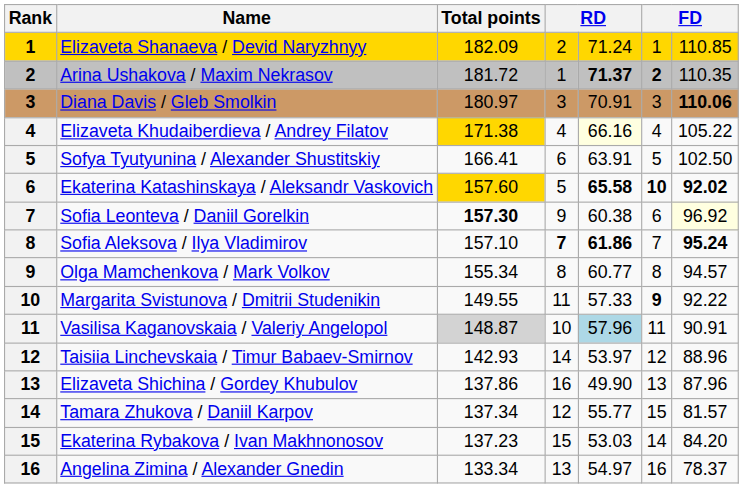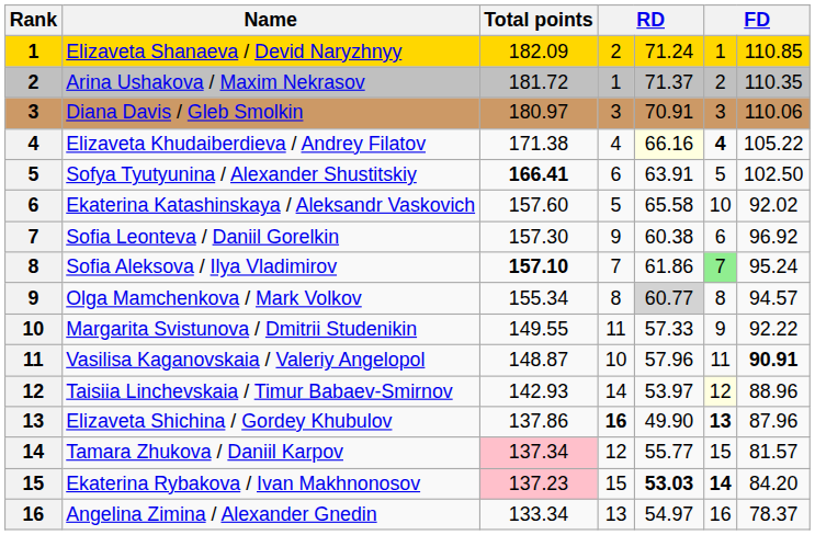 <table class="wikitable sortable">
 <tr>
 <th>Rank</th>
 <th>Name</th>
 <th>Total points</th>
 <th colspan="2" width="80px"><a href='#'>RD</a></th>
 <th colspan="2" width="80px"><a href='#'>FD</a></th>
 </tr>
 <tr bgcolor="gold">
 <td align="center"><strong>1</strong></td>
 <td><a href='#'>Elizaveta Shanaeva</a> / <a href='#'>Devid Naryzhnyy</a></td>
 <td align="center">182.09</td>
 <td align="center">2</td>
 <td align="center">71.24</td>
 <td align="center">1</td>
 <td align="center">110.85</td>
 </tr>
 <tr bgcolor="silver">
 <td align="center"><strong>2</strong></td>
 <td><a href='#'>Arina Ushakova</a> / <a href='#'>Maxim Nekrasov</a></td>
 <td align="center">181.72</td>
 <td align="center">1</td>
-<td align="center"><strong>71.37</strong></td>
-<td align="center"><strong>2</strong></td>
+<td align="center">71.37</td>
+<td align="center">2</td>
 <td align="center">110.35</td>
 </tr>
 <tr bgcolor="cc9966">
 <td align="center"><strong>3</strong></td>
 <td><a href='#'>Diana Davis</a> / <a href='#'>Gleb Smolkin</a></td>
 <td align="center">180.97</td>
 <td align="center">3</td>
 <td align="center">70.91</td>
 <td align="center">3</td>
-<td align="center"><strong>110.06</strong></td>
+<td align="center">110.06</td>
 </tr>
 <tr>
 <th>4</th>
 <td><a href='#'>Elizaveta Khudaiberdieva</a> / <a href='#'>Andrey Filatov</a></td>
-<td align="center" style="background: gold;">171.38</td>
+<td align="center">171.38</td>
 <td align="center">4</td>
 <td align="center" style="background: lightyellow;">66.16</td>
-<td align="center">4</td>
+<td align="center"><strong>4</strong></td>
 <td align="center">105.22</td>
 </tr>
 <tr>
 <th>5</th>
 <td><a href='#'>Sofya Tyutyunina</a> / <a href='#'>Alexander Shustitskiy</a></td>
-<td align="center">166.41</td>
+<td align="center"><strong>166.41</strong></td>
 <td align="center">6</td>
 <td align="center">63.91</td>
 <td align="center">5</td>
 <td align="center">102.50</td>
 </tr>
 <tr>
 <th>6</th>
 <td><a href='#'>Ekaterina Katashinskaya</a> / <a href='#'>Aleksandr Vaskovich</a></td>
-<td align="center" style="background: gold;">157.60</td>
+<td align="center">157.60</td>
 <td align="center">5</td>
-<td align="center"><strong>65.58</strong></td>
-<td align="center"><strong>10</strong></td>
-<td align="center"><strong>92.02</strong></td>
+<td align="center">65.58</td>
+<td align="center">10</td>
+<td align="center">92.02</td>
 </tr>
 <tr>
 <th>7</th>
 <td><a href='#'>Sofia Leonteva</a> / <a href='#'>Daniil Gorelkin</a></td>
-<td align="center"><strong>157.30</strong></td>
+<td align="center">157.30</td>
 <td align="center">9</td>
 <td align="center">60.38</td>
 <td align="center">6</td>
-<td align="center" style="background: lightyellow;">96.92</td>
+<td align="center">96.92</td>
 </tr>
 <tr>
 <th>8</th>
 <td><a href='#'>Sofia Aleksova</a> / <a href='#'>Ilya Vladimirov</a></td>
-<td align="center">157.10</td>
-<td align="center"><strong>7</strong></td>
-<td align="center"><strong>61.86</strong></td>
+<td align="center"><strong>157.10</strong></td>
 <td align="center">7</td>
-<td align="center"><strong>95.24</strong></td>
+<td align="center">61.86</td>
+<td align="center" style="background: lightgreen;">7</td>
+<td align="center">95.24</td>
 </tr>
 <tr>
 <th>9</th>
 <td><a href='#'>Olga Mamchenkova</a> / <a href='#'>Mark Volkov</a></td>
 <td align="center">155.34</td>
 <td align="center">8</td>
-<td align="center">60.77</td>
+<td align="center" style="background: lightgrey;">60.77</td>
 <td align="center">8</td>
 <td align="center">94.57</td>
 </tr>
 <tr>
 <th>10</th>
 <td><a href='#'>Margarita Svistunova</a> / <a href='#'>Dmitrii Studenikin</a></td>
 <td align="center">149.55</td>
 <td align="center">11</td>
 <td align="center">57.33</td>
-<td align="center"><strong>9</strong></td>
+<td align="center">9</td>
 <td align="center">92.22</td>
 </tr>
 <tr>
 <th>11</th>
 <td><a href='#'>Vasilisa Kaganovskaia</a> / <a href='#'>Valeriy Angelopol</a></td>
-<td align="center" style="background: lightgrey;">148.87</td>
+<td align="center">148.87</td>
 <td align="center">10</td>
-<td align="center" style="background: lightblue;">57.96</td>
+<td align="center">57.96</td>
 <td align="center">11</td>
-<td align="center">90.91</td>
+<td align="center"><strong>90.91</strong></td>
 </tr>
 <tr>
 <th>12</th>
 <td><a href='#'>Taisiia Linchevskaia</a> / <a href='#'>Timur Babaev-Smirnov</a></td>
 <td align="center">142.93</td>
 <td align="center">14</td>
 <td align="center">53.97</td>
-<td align="center">12</td>
+<td align="center" style="background: lightyellow;">12</td>
 <td align="center">88.96</td>
 </tr>
 <tr>
 <th>13</th>
 <td><a href='#'>Elizaveta Shichina</a> / <a href='#'>Gordey Khubulov</a></td>
 <td align="center">137.86</td>
-<td align="center">16</td>
+<td align="center"><strong>16</strong></td>
 <td align="center">49.90</td>
-<td align="center">13</td>
+<td align="center"><strong>13</strong></td>
 <td align="center">87.96</td>
 </tr>
 <tr>
 <th>14</th>
 <td><a href='#'>Tamara Zhukova</a> / <a href='#'>Daniil Karpov</a></td>
-<td align="center">137.34</td>
+<td align="center" style="background: pink;">137.34</td>
 <td align="center">12</td>
 <td align="center">55.77</td>
 <td align="center">15</td>
 <td align="center">81.57</td>
 </tr>
 <tr>
 <th>15</th>
 <td><a href='#'>Ekaterina Rybakova</a> / <a href='#'>Ivan Makhnonosov</a></td>
-<td align="center">137.23</td>
+<td align="center" style="background: pink;">137.23</td>
 <td align="center">15</td>
-<td align="center">53.03</td>
-<td align="center">14</td>
+<td align="center"><strong>53.03</strong></td>
+<td align="center"><strong>14</strong></td>
 <td align="center">84.20</td>
 </tr>
 <tr>
 <th>16</th>
 <td><a href='#'>Angelina Zimina</a> / <a href='#'>Alexander Gnedin</a></td>
 <td align="center">133.34</td>
 <td align="center">13</td>
 <td align="center">54.97</td>
 <td align="center">16</td>
 <td align="center">78.37</td>
 </tr>
 </table>
